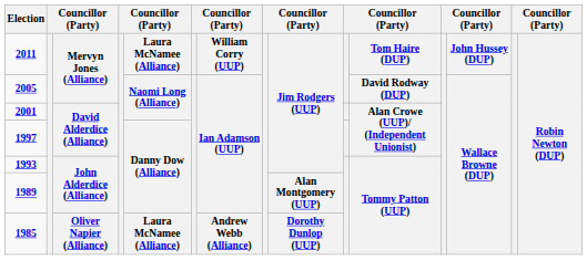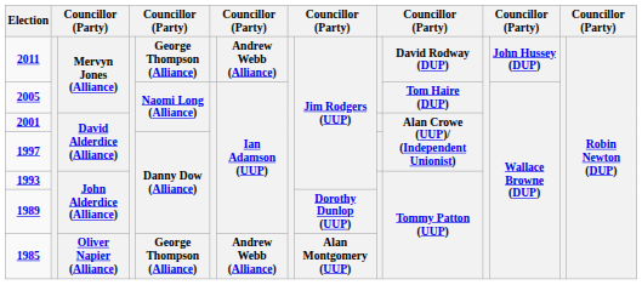 <table class="wikitable" style="text-align:center">
 <tr>
 <th scope="col" width="50">Election</th>
 <th scope="col" width="150" colspan = "2">Councillor<br> (Party)</th>
 <th scope="col" width="150" colspan = "2">Councillor<br> (Party)</th>
 <th scope="col" width="150" colspan = "2">Councillor<br> (Party)</th>
 <th scope="col" width="150" colspan = "2">Councillor<br> (Party)</th>
 <th scope="col" width="150" colspan = "2">Councillor<br> (Party)</th>
 <th scope="col" width="150" colspan = "2">Councillor<br> (Party)</th>
 <th scope="col" width="150" colspan = "2">Councillor<br> (Party)</th>
 </tr>
 <tr>
 <td><strong><a href='#'>2011</a></strong></td>
 <th rowspan="7" width="1" style="background-color: "></th>
 <th rowspan = "2">Mervyn Jones <br> (<a href='#'>Alliance</a>)</th>
 <th rowspan="7" width="1" style="background-color: "></th>
-<th rowspan = "1">Laura McNamee <br> (<a href='#'>Alliance</a>)</th>
+<th rowspan = "1">George Thompson <br> (<a href='#'>Alliance</a>)</th>
 <th rowspan="1" width="1" style="background-color: "></th>
-<th rowspan = "1">William Corry <br> (<a href='#'>UUP</a>)</th>
+<th rowspan = "1">Andrew Webb <br> (<a href='#'>Alliance</a>)</th>
 <th rowspan="7" width="1" style="background-color: "></th>
 <th rowspan = "5"><a href='#'>Jim Rodgers</a> <br> (<a href='#'>UUP</a>)</th>
 <th rowspan="2" width="1" style="background-color: "></th>
-<th rowspan = "1"><a href='#'>Tom Haire</a> <br> (<a href='#'>DUP</a>)</th>
+<th rowspan = "1">David Rodway <br> (<a href='#'>DUP</a>)</th>
 <th rowspan="7" width="1" style="background-color: "></th>
 <th rowspan = "1"><a href='#'>John Hussey</a> <br> (<a href='#'>DUP</a>)</th>
 <th rowspan="7" width="1" style="background-color: "></th>
 <th rowspan = "7"><a href='#'>Robin Newton</a> <br> (<a href='#'>DUP</a>)</th>
 </tr>
 <tr>
 <td><strong><a href='#'>2005</a></strong></td>
 <th rowspan = "2"><a href='#'>Naomi Long</a> <br> (<a href='#'>Alliance</a>)</th>
 <th rowspan="6" width="1" style="background-color: "></th>
 <th rowspan = "5"><a href='#'>Ian Adamson</a> <br> (<a href='#'>UUP</a>)</th>
-<th rowspan = "1">David Rodway <br> (<a href='#'>DUP</a>)</th>
+<th rowspan = "1"><a href='#'>Tom Haire</a> <br> (<a href='#'>DUP</a>)</th>
 <th rowspan = "6"><a href='#'>Wallace Browne</a> <br> (<a href='#'>DUP</a>)</th>
 </tr>
 <tr>
 <td><strong><a href='#'>2001</a></strong></td>
 <th rowspan = "2"><a href='#'>David Alderdice</a> <br> (<a href='#'>Alliance</a>)</th>
 <th rowspan="1" width="1" style="background-color: "></th>
 <th rowspan = "2">Alan Crowe <br> (<a href='#'>UUP</a>)/ (<a href='#'>Independent Unionist</a>)</th>
 </tr>
 <tr>
 <td><strong><a href='#'>1997</a></strong></td>
 <th rowspan = "3">Danny Dow <br> (<a href='#'>Alliance</a>)</th>
 <th rowspan="1" width="1" style="background-color: "></th>
 </tr>
 <tr>
 <td><strong><a href='#'>1993</a></strong></td>
 <th rowspan = "2"><a href='#'>John Alderdice</a> <br> (<a href='#'>Alliance</a>)</th>
 <th rowspan="3" width="1" style="background-color: "></th>
 <th rowspan = "3"><a href='#'>Tommy Patton</a> <br> (<a href='#'>UUP</a>)</th>
 </tr>
 <tr>
 <td><strong><a href='#'>1989</a></strong></td>
-<th rowspan = "1">Alan Montgomery <br> (<a href='#'>UUP</a>)</th>
+<th rowspan = "1"><a href='#'>Dorothy Dunlop</a> <br> (<a href='#'>UUP</a>)</th>
 </tr>
 <tr>
 <td><strong><a href='#'>1985</a></strong></td>
 <th rowspan = "1"><a href='#'>Oliver Napier</a> <br> (<a href='#'>Alliance</a>)</th>
-<th rowspan = "1">Laura McNamee <br> (<a href='#'>Alliance</a>)</th>
+<th rowspan = "1">George Thompson <br> (<a href='#'>Alliance</a>)</th>
 <th rowspan = "1">Andrew Webb <br> (<a href='#'>Alliance</a>)</th>
-<th rowspan = "1"><a href='#'>Dorothy Dunlop</a> <br> (<a href='#'>UUP</a>)</th>
+<th rowspan = "1">Alan Montgomery <br> (<a href='#'>UUP</a>)</th>
 </tr>
 </table>
